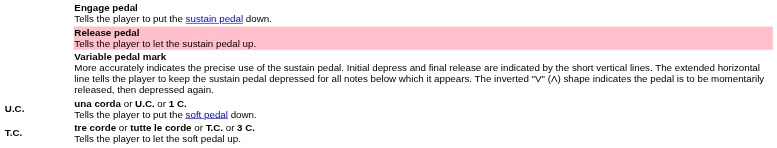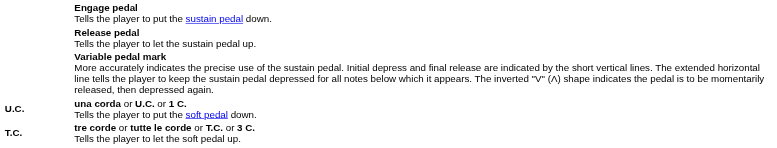 <table class="skin-invert-image">
 <tr>
 <td style="width:110px;"></td>
 <td><strong>Engage pedal</strong><br>Tells the player to put the <a href='#'>sustain pedal</a> down.</td>
 </tr>
 <tr>
 <td></td>
-<td style="background: pink;"><strong>Release pedal</strong><br>Tells the player to let the sustain pedal up.</td>
+<td><strong>Release pedal</strong><br>Tells the player to let the sustain pedal up.</td>
 </tr>
 <tr>
 <td></td>
 <td rowspan=2><strong>Variable pedal mark</strong><br>More accurately indicates the precise use of the sustain pedal. Initial depress and final release are indicated by the short vertical lines. The extended horizontal line tells the player to keep the sustain pedal depressed for all notes below which it appears. The inverted "V" (Λ) shape indicates the pedal is to be momentarily released, then depressed again.</td>
 </tr>
 <tr>
 <td></td>
 </tr>
 <tr>
 <td><strong>U.C.</strong></td>
 <td><strong>una corda</strong> or <strong>U.C.</strong> or <strong>1 C.</strong> <br> Tells the player to put the <a href='#'>soft pedal</a> down.</td>
 </tr>
 <tr>
 <td><strong>T.C.</strong></td>
 <td><strong>tre corde</strong> or <strong>tutte le corde</strong> or <strong>T.C.</strong> or <strong>3 C.</strong><br> Tells the player to let the soft pedal up.</td>
 </tr>
 </table>
